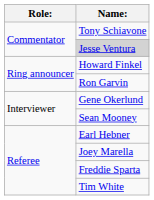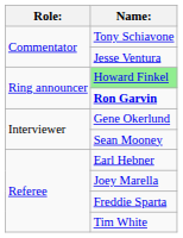 <table class=wikitable style="font-size:90%; margin: 0.5em 0 0.5em 1em; float: right; clear: right;">
 <tr>
 <th>Role:</th>
 <th>Name:</th>
 </tr>
 <tr>
 <td rowspan=2><a href='#'>Commentator</a></td>
 <td><a href='#'>Tony Schiavone</a></td>
 </tr>
 <tr>
-<td style="background: lightgrey;"><a href='#'>Jesse Ventura</a></td>
+<td><a href='#'>Jesse Ventura</a></td>
 </tr>
 <tr>
 <td rowspan=2><a href='#'>Ring announcer</a></td>
-<td><a href='#'>Howard Finkel</a></td>
+<td style="background: lightgreen;"><a href='#'>Howard Finkel</a></td>
 </tr>
 <tr>
-<td><a href='#'>Ron Garvin</a></td>
+<td><strong><a href='#'>Ron Garvin</a></strong></td>
 </tr>
 <tr>
 <td rowspan=2>Interviewer</td>
 <td><a href='#'>Gene Okerlund</a></td>
 </tr>
 <tr>
 <td><a href='#'>Sean Mooney</a></td>
 </tr>
 <tr>
 <td rowspan=4><a href='#'>Referee</a></td>
 <td><a href='#'>Earl Hebner</a></td>
 </tr>
 <tr>
 <td><a href='#'>Joey Marella</a></td>
 </tr>
 <tr>
 <td><a href='#'>Freddie Sparta</a></td>
 </tr>
 <tr>
 <td><a href='#'>Tim White</a></td>
 </tr>
 </table>
